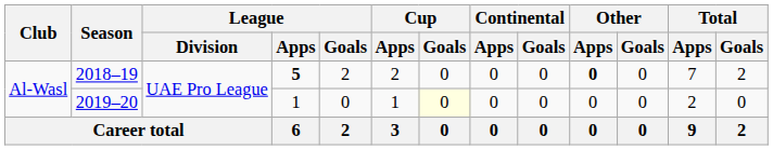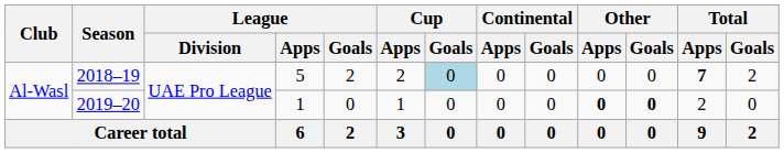 <table class="wikitable" style="text-align: center">
 <tr>
 <th rowspan="2">Club</th>
 <th rowspan="2">Season</th>
 <th colspan="3">League</th>
 <th colspan="2">Cup</th>
 <th colspan="2">Continental</th>
 <th colspan="2">Other</th>
 <th colspan="2">Total</th>
 </tr>
 <tr>
 <th>Division</th>
 <th>Apps</th>
 <th>Goals</th>
 <th>Apps</th>
 <th>Goals</th>
 <th>Apps</th>
 <th>Goals</th>
 <th>Apps</th>
 <th>Goals</th>
 <th>Apps</th>
 <th>Goals</th>
 </tr>
 <tr>
 <td rowspan="2"><a href='#'>Al-Wasl</a></td>
 <td><a href='#'>2018–19</a></td>
 <td rowspan="2"><a href='#'>UAE Pro League</a></td>
-<td><strong>5</strong></td>
+<td>5</td>
 <td>2</td>
 <td>2</td>
+<td style="background: lightblue;">0</td>
 <td>0</td>
 <td>0</td>
 <td>0</td>
-<td><strong>0</strong></td>
 <td>0</td>
-<td>7</td>
+<td><strong>7</strong></td>
 <td>2</td>
 </tr>
 <tr>
 <td><a href='#'>2019–20</a></td>
 <td>1</td>
 <td>0</td>
 <td>1</td>
-<td style="background: lightyellow;">0</td>
 <td>0</td>
 <td>0</td>
 <td>0</td>
-<td>0</td>
+<td><strong>0</strong></td>
+<td><strong>0</strong></td>
 <td>2</td>
 <td>0</td>
 </tr>
 <tr>
 <th colspan="3"><strong>Career total</strong></th>
 <th>6</th>
 <th>2</th>
 <th>3</th>
 <th>0</th>
 <th>0</th>
 <th>0</th>
 <th>0</th>
 <th>0</th>
 <th>9</th>
 <th>2</th>
 </tr>
 </table>
